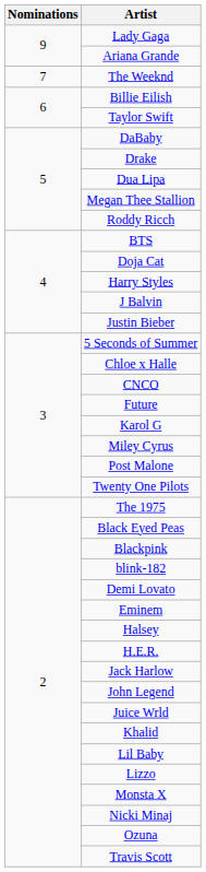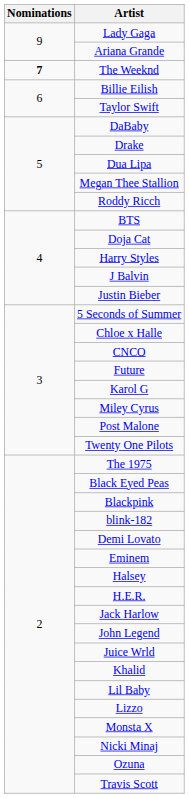 <table class="wikitable" rowspan="2" style="text-align:center">
 <tr>
 <th scope="col" style="width:55px;">Nominations</th>
 <th scope="col" style="text-align:center;">Artist</th>
 </tr>
 <tr>
 <td rowspan="2" style="text-align:center">9</td>
 <td><a href='#'>Lady Gaga</a></td>
 </tr>
 <tr>
 <td><a href='#'>Ariana Grande</a></td>
 </tr>
 <tr>
-<td style="text-align:center">7</td>
+<td style="text-align:center"><strong>7</strong></td>
 <td><a href='#'>The Weeknd</a></td>
 </tr>
 <tr>
 <td rowspan="2" style="text-align:center">6</td>
 <td><a href='#'>Billie Eilish</a></td>
 </tr>
 <tr>
 <td><a href='#'>Taylor Swift</a></td>
 </tr>
 <tr>
 <td rowspan="5" style="text-align:center">5</td>
 <td><a href='#'>DaBaby</a></td>
 </tr>
 <tr>
 <td><a href='#'>Drake</a></td>
 </tr>
 <tr>
 <td><a href='#'>Dua Lipa</a></td>
 </tr>
 <tr>
 <td><a href='#'>Megan Thee Stallion</a></td>
 </tr>
 <tr>
 <td><a href='#'>Roddy Ricch</a></td>
 </tr>
 <tr>
 <td rowspan="5" style="text-align:center">4</td>
 <td><a href='#'>BTS</a></td>
 </tr>
 <tr>
 <td><a href='#'>Doja Cat</a></td>
 </tr>
 <tr>
 <td><a href='#'>Harry Styles</a></td>
 </tr>
 <tr>
 <td><a href='#'>J Balvin</a></td>
 </tr>
 <tr>
 <td><a href='#'>Justin Bieber</a></td>
 </tr>
 <tr>
 <td rowspan="8" style="text-align:center">3</td>
 <td><a href='#'>5 Seconds of Summer</a></td>
 </tr>
 <tr>
 <td><a href='#'>Chloe x Halle</a></td>
 </tr>
 <tr>
 <td><a href='#'>CNCO</a></td>
 </tr>
 <tr>
 <td><a href='#'>Future</a></td>
 </tr>
 <tr>
 <td><a href='#'>Karol G</a></td>
 </tr>
 <tr>
 <td><a href='#'>Miley Cyrus</a></td>
 </tr>
 <tr>
 <td><a href='#'>Post Malone</a></td>
 </tr>
 <tr>
 <td><a href='#'>Twenty One Pilots</a></td>
 </tr>
 <tr>
 <td rowspan="18" style="text-align:center">2</td>
 <td><a href='#'>The 1975</a></td>
 </tr>
 <tr>
 <td><a href='#'>Black Eyed Peas</a></td>
 </tr>
 <tr>
 <td><a href='#'>Blackpink</a></td>
 </tr>
 <tr>
 <td><a href='#'>blink-182</a></td>
 </tr>
 <tr>
 <td><a href='#'>Demi Lovato</a></td>
 </tr>
 <tr>
 <td><a href='#'>Eminem</a></td>
 </tr>
 <tr>
 <td><a href='#'>Halsey</a></td>
 </tr>
 <tr>
 <td><a href='#'>H.E.R.</a></td>
 </tr>
 <tr>
 <td><a href='#'>Jack Harlow</a></td>
 </tr>
 <tr>
 <td><a href='#'>John Legend</a></td>
 </tr>
 <tr>
 <td><a href='#'>Juice Wrld</a></td>
 </tr>
 <tr>
 <td><a href='#'>Khalid</a></td>
 </tr>
 <tr>
 <td><a href='#'>Lil Baby</a></td>
 </tr>
 <tr>
 <td><a href='#'>Lizzo</a></td>
 </tr>
 <tr>
 <td><a href='#'>Monsta X</a></td>
 </tr>
 <tr>
 <td><a href='#'>Nicki Minaj</a></td>
 </tr>
 <tr>
 <td><a href='#'>Ozuna</a></td>
 </tr>
 <tr>
 <td><a href='#'>Travis Scott</a></td>
 </tr>
 </table>
